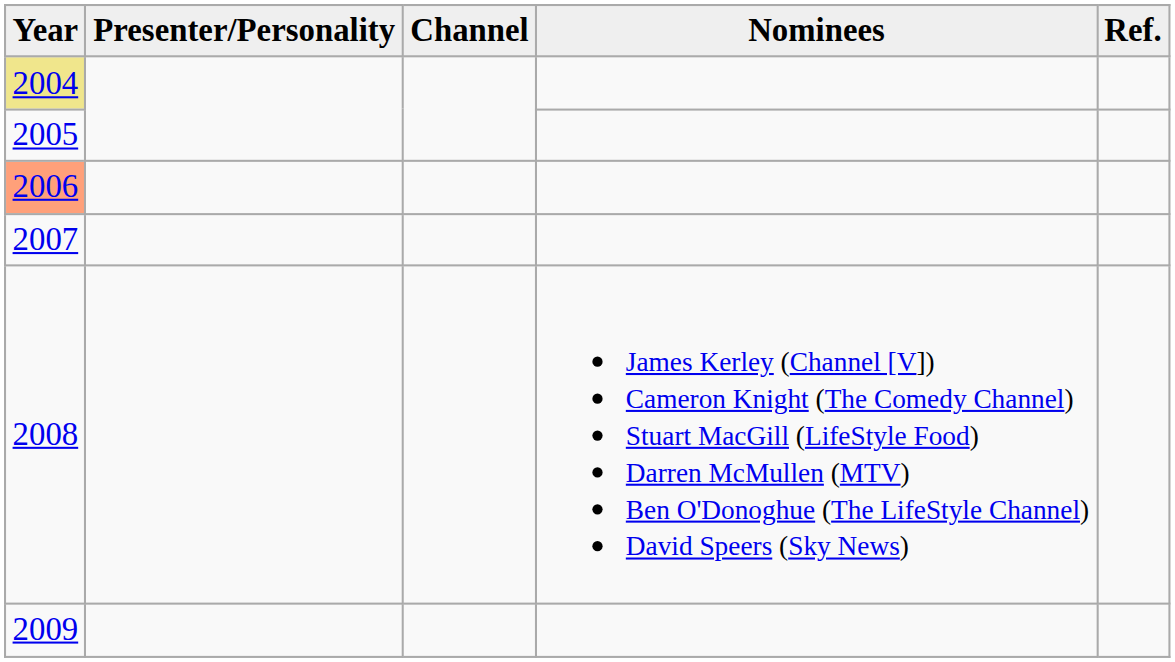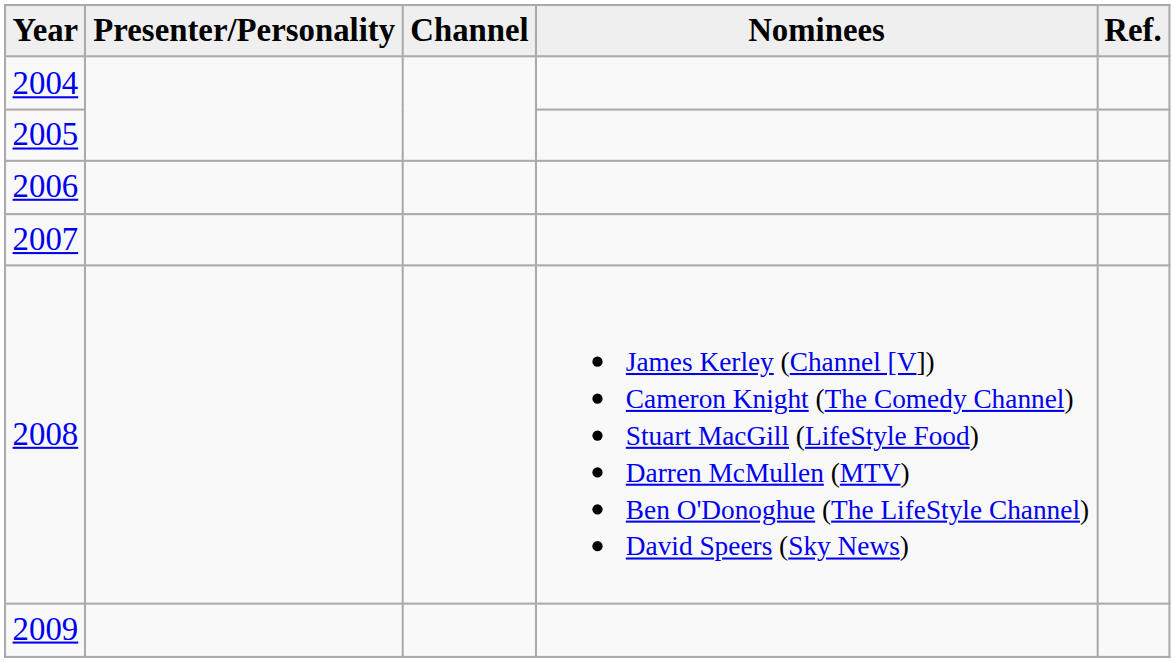 <table class="wikitable sortable">
 <tr>
 <th style="background:#efefef;">Year</th>
 <th style="background:#efefef;">Presenter/Personality</th>
 <th style="background:#efefef;">Channel</th>
 <th style="background:#efefef;" class="unsortable">Nominees</th>
 <th style="background:#efefef;" class="unsortable">Ref.</th>
 </tr>
 <tr>
-<td style="background: khaki; text-align:center;"><a href='#'>2004</a></td>
+<td style="text-align:center;"><a href='#'>2004</a></td>
 <td rowspan="2"></td>
 <td rowspan="2"></td>
 <td></td>
 <td style="text-align:center;"></td>
 </tr>
 <tr>
 <td style="text-align:center;"><a href='#'>2005</a></td>
 <td></td>
 <td style="text-align:center;"></td>
 </tr>
 <tr>
-<td style="background: lightsalmon; text-align:center;"><a href='#'>2006</a></td>
+<td style="text-align:center;"><a href='#'>2006</a></td>
 <td></td>
 <td></td>
 <td></td>
 <td style="text-align:center;"></td>
 </tr>
 <tr>
 <td style="text-align:center;"><a href='#'>2007</a></td>
 <td></td>
 <td></td>
 <td></td>
 <td style="text-align:center;"></td>
 </tr>
 <tr>
 <td style="text-align:center;"><a href='#'>2008</a></td>
 <td></td>
 <td></td>
 <td><br><ul><li><small><a href='#'>James Kerley</a> (<a href='#'>Channel [V</a>])</small></li><li><small><a href='#'>Cameron Knight</a> (<a href='#'>The Comedy Channel</a>)</small></li><li><small><a href='#'>Stuart MacGill</a> (<a href='#'>LifeStyle Food</a>)</small></li><li><small><a href='#'>Darren McMullen</a> (<a href='#'>MTV</a>)</small></li><li><small><a href='#'>Ben O'Donoghue</a> (<a href='#'>The LifeStyle Channel</a>)</small></li><li><small><a href='#'>David Speers</a> (<a href='#'>Sky News</a>)</small></li></ul></td>
 <td style="text-align:center;"></td>
 </tr>
 <tr>
 <td style="text-align:center;"><a href='#'>2009</a></td>
 <td></td>
 <td></td>
 <td></td>
 <td style="text-align:center;"></td>
 </tr>
 </table>
